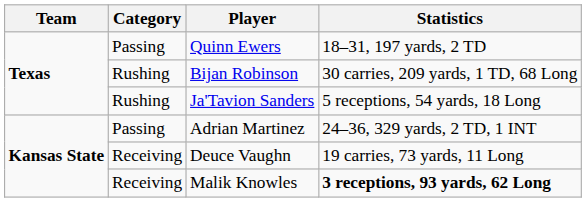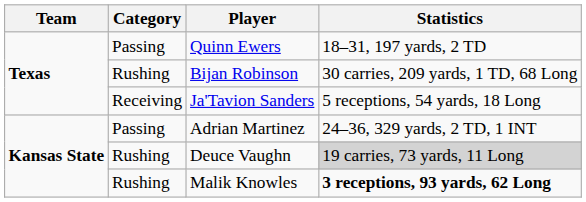 <table class="wikitable" style="float: right;">
 <tr>
 <th>Team</th>
 <th>Category</th>
 <th>Player</th>
 <th>Statistics</th>
 </tr>
 <tr>
 <td rowspan=3><strong>Texas</strong></td>
 <td>Passing</td>
 <td><a href='#'>Quinn Ewers</a></td>
 <td>18–31, 197 yards, 2 TD</td>
 </tr>
 <tr>
 <td>Rushing</td>
 <td><a href='#'>Bijan Robinson</a></td>
 <td>30 carries, 209 yards, 1 TD, 68 Long</td>
 </tr>
 <tr>
-<td>Rushing</td>
+<td>Receiving</td>
 <td><a href='#'>Ja'Tavion Sanders</a></td>
 <td>5 receptions, 54 yards, 18 Long</td>
 </tr>
 <tr>
 <td rowspan=3><strong>Kansas State</strong></td>
 <td>Passing</td>
 <td>Adrian Martinez</td>
 <td>24–36, 329 yards, 2 TD, 1 INT</td>
 </tr>
 <tr>
-<td>Receiving</td>
+<td>Rushing</td>
 <td>Deuce Vaughn</td>
-<td>19 carries, 73 yards, 11 Long</td>
+<td style="background: lightgrey;">19 carries, 73 yards, 11 Long</td>
 </tr>
 <tr>
-<td>Receiving</td>
+<td>Rushing</td>
 <td>Malik Knowles</td>
 <td><strong>3 receptions, 93 yards, 62 Long</strong></td>
 </tr>
 </table>
